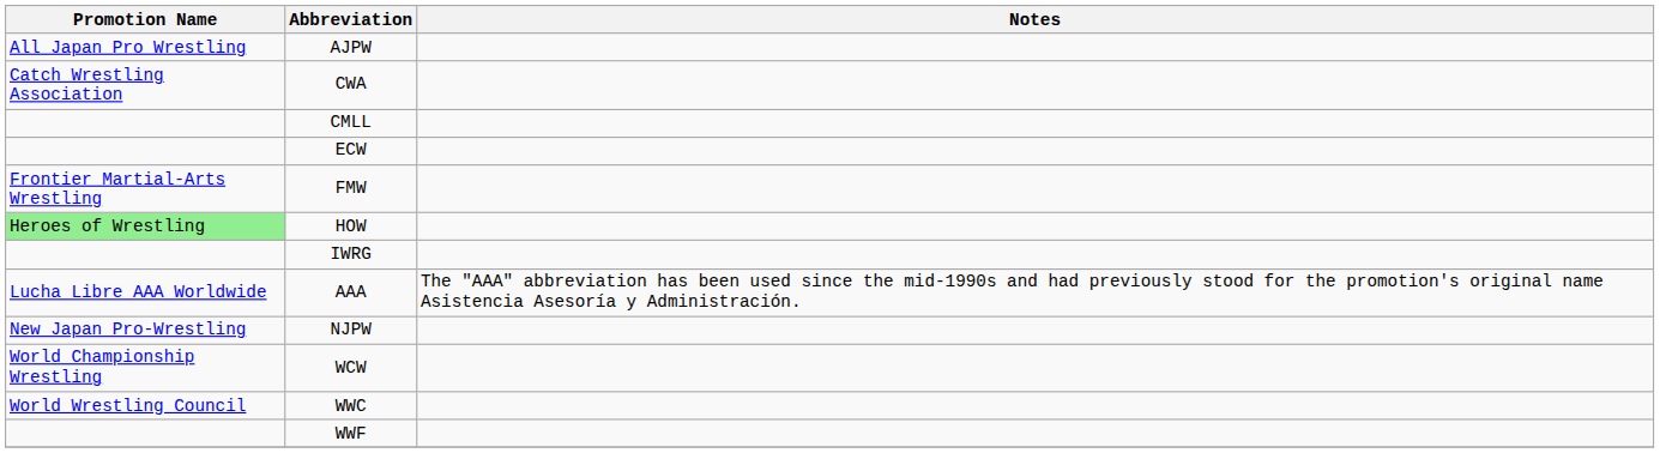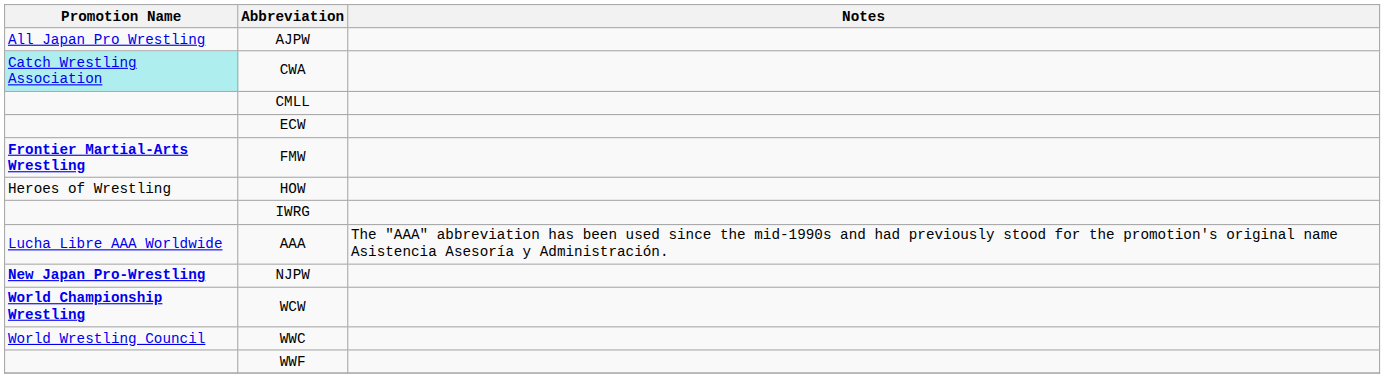 <table class="wikitable">
 <tr>
 <th>Promotion Name</th>
 <th>Abbreviation</th>
 <th>Notes</th>
 </tr>
 <tr>
 <td><a href='#'>All Japan Pro Wrestling</a></td>
 <td align=center>AJPW</td>
 <td></td>
 </tr>
 <tr>
-<td><a href='#'>Catch Wrestling Association</a></td>
+<td style="background: paleturquoise;"><a href='#'>Catch Wrestling Association</a></td>
 <td align=center>CWA</td>
 <td></td>
 </tr>
 <tr>
 <td></td>
 <td align=center>CMLL</td>
 <td></td>
 </tr>
 <tr>
 <td></td>
 <td align=center>ECW</td>
 <td></td>
 </tr>
 <tr>
-<td><a href='#'>Frontier Martial-Arts Wrestling</a></td>
+<td><strong><a href='#'>Frontier Martial-Arts Wrestling</a></strong></td>
 <td align=center>FMW</td>
 <td></td>
 </tr>
 <tr>
-<td style="background: lightgreen;">Heroes of Wrestling</td>
+<td>Heroes of Wrestling</td>
 <td align=center>HOW</td>
 <td></td>
 </tr>
 <tr>
 <td></td>
 <td align=center>IWRG</td>
 <td></td>
 </tr>
 <tr>
 <td><a href='#'>Lucha Libre AAA Worldwide</a></td>
 <td align=center>AAA</td>
 <td>The "AAA" abbreviation has been used since the mid-1990s and had previously stood for the promotion's original name Asistencia Asesoría y Administración.</td>
 </tr>
 <tr>
-<td><a href='#'>New Japan Pro-Wrestling</a></td>
+<td><strong><a href='#'>New Japan Pro-Wrestling</a></strong></td>
 <td align=center>NJPW</td>
 <td></td>
 </tr>
 <tr>
-<td><a href='#'>World Championship Wrestling</a></td>
+<td><strong><a href='#'>World Championship Wrestling</a></strong></td>
 <td align=center>WCW</td>
 <td></td>
 </tr>
 <tr>
 <td><a href='#'>World Wrestling Council</a></td>
 <td align=center>WWC</td>
 <td></td>
 </tr>
 <tr>
 <td></td>
 <td align=center>WWF</td>
 <td></td>
 </tr>
 <tr>
 </tr>
 </table>
